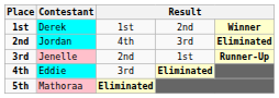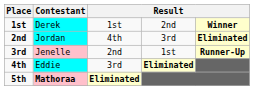 <table class="wikitable">
 <tr>
 <th>Place</th>
 <th>Contestant</th>
 <th colspan="14" align="center">Result</th>
 </tr>
 <tr>
 <td align="center"><strong>1st</strong></td>
 <td bgcolor="cyan">Derek</td>
 <td align="center">1st</td>
 <td align="center">2nd</td>
 <td bgcolor="FFFFCC" align="center"><strong>Winner</strong></td>
 </tr>
 <tr>
 <td align="center"><strong>2nd</strong></td>
 <td bgcolor="cyan">Jordan</td>
 <td align="center">4th</td>
 <td align="center">3rd</td>
 <td bgcolor="FFFFCC" align="center"><strong>Eliminated</strong></td>
 </tr>
 <tr>
 <td align="center"><strong>3rd</strong></td>
 <td bgcolor="pink">Jenelle</td>
 <td align="center">2nd</td>
 <td align="center">1st</td>
 <td bgcolor="FFFFCC" align="center"><strong>Runner-Up</strong></td>
 </tr>
 <tr>
 <td align="center"><strong>4th</strong></td>
 <td bgcolor="cyan">Eddie</td>
 <td align="center">3rd</td>
 <td bgcolor="FFFFCC" align="center"><strong>Eliminated</strong></td>
 <td colspan="1" bgcolor="666666"></td>
 </tr>
 <tr>
 <td align="center"><strong>5th</strong></td>
-<td bgcolor="pink">Mathoraa</td>
+<td bgcolor="pink"><strong>Mathoraa</strong></td>
 <td bgcolor="FFFFCC" align="center"><strong>Eliminated</strong></td>
 <td colspan="2" bgcolor="666666"></td>
 </tr>
 </table>
